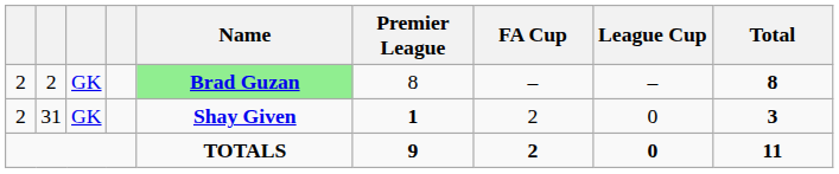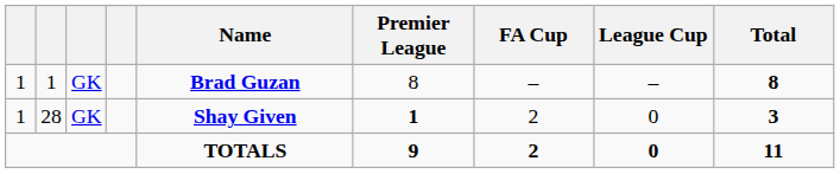 <table class="wikitable" style="font-size: 95%; text-align: center;">
 <tr>
 <th width=15></th>
 <th width=15></th>
 <th width=15></th>
 <th width=15></th>
 <th width=150>Name</th>
 <th width=80>Premier League</th>
 <th width=80>FA Cup</th>
 <th width=80>League Cup</th>
 <th width=80>Total</th>
 </tr>
 <tr>
-<td>2</td>
-<td>2</td>
+<td>1</td>
+<td>1</td>
 <td><a href='#'>GK</a></td>
 <td></td>
-<td style="background: lightgreen;"><strong><a href='#'>Brad Guzan</a></strong></td>
+<td><strong><a href='#'>Brad Guzan</a></strong></td>
 <td>8</td>
 <td>–</td>
 <td>–</td>
 <td><strong>8</strong></td>
 </tr>
 <tr>
-<td>2</td>
-<td>31</td>
+<td>1</td>
+<td>28</td>
 <td><a href='#'>GK</a></td>
 <td></td>
 <td><strong><a href='#'>Shay Given</a></strong></td>
 <td><strong>1</strong></td>
 <td>2</td>
 <td>0</td>
 <td><strong>3</strong></td>
 </tr>
 <tr>
 <td colspan="4"></td>
 <td><strong>TOTALS</strong></td>
 <td><strong>9</strong></td>
 <td><strong>2</strong></td>
 <td><strong>0</strong></td>
 <td><strong>11</strong></td>
 </tr>
 </table>
